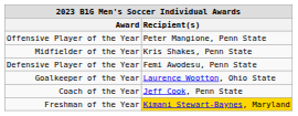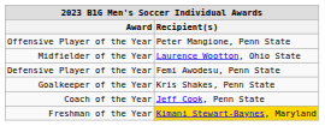 <table class="wikitable" style="white-space:nowrap; font-size:90%;">
 <tr>
 <td colspan="7" style="text-align:center; background:#ddd;"><strong>2023 B1G Men's Soccer Individual Awards</strong></td>
 </tr>
 <tr>
 <th style="text-align:right;">Award</th>
 <th style="text-align:left;">Recipient(s)</th>
 </tr>
 <tr>
 <td style="text-align:right;">Offensive Player of the Year</td>
 <td style="text-align:left;">Peter Mangione, Penn State</td>
 </tr>
 <tr>
 <td style="text-align:right;">Midfielder of the Year</td>
-<td style="text-align:left;">Kris Shakes, Penn State</td>
+<td style="text-align:left;"><a href='#'>Laurence Wootton</a>, Ohio State</td>
 </tr>
 <tr>
 <td style="text-align:right;">Defensive Player of the Year</td>
 <td style="text-align:left;">Femi Awodesu, Penn State</td>
 </tr>
 <tr>
 <td style="text-align:right;">Goalkeeper of the Year</td>
-<td style="text-align:left;"><a href='#'>Laurence Wootton</a>, Ohio State</td>
+<td style="text-align:left;">Kris Shakes, Penn State</td>
 </tr>
 <tr>
 <td style="text-align:right;">Coach of the Year</td>
 <td style="text-align:left;"><a href='#'>Jeff Cook</a>, Penn State</td>
 </tr>
 <tr>
 <td style="text-align:right;">Freshman of the Year</td>
 <td style="background: gold; text-align:left;"><a href='#'>Kimani Stewart-Baynes</a>, Maryland</td>
 </tr>
 </table>
